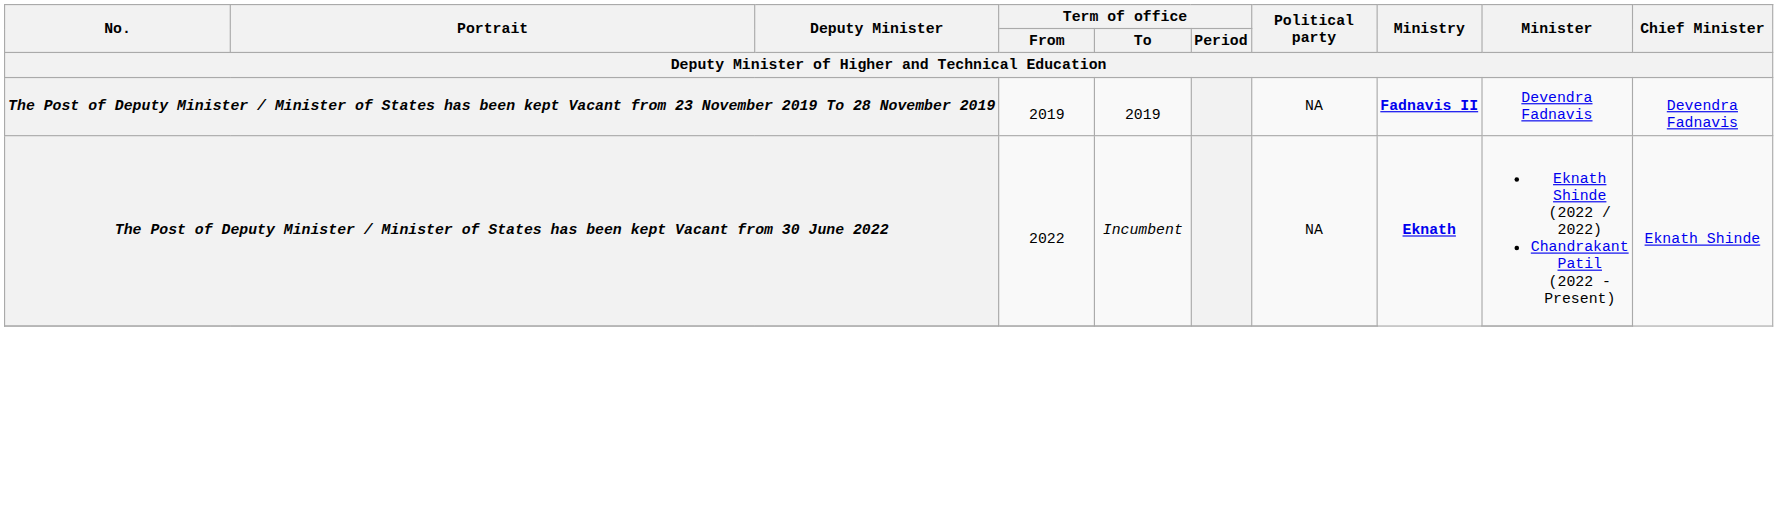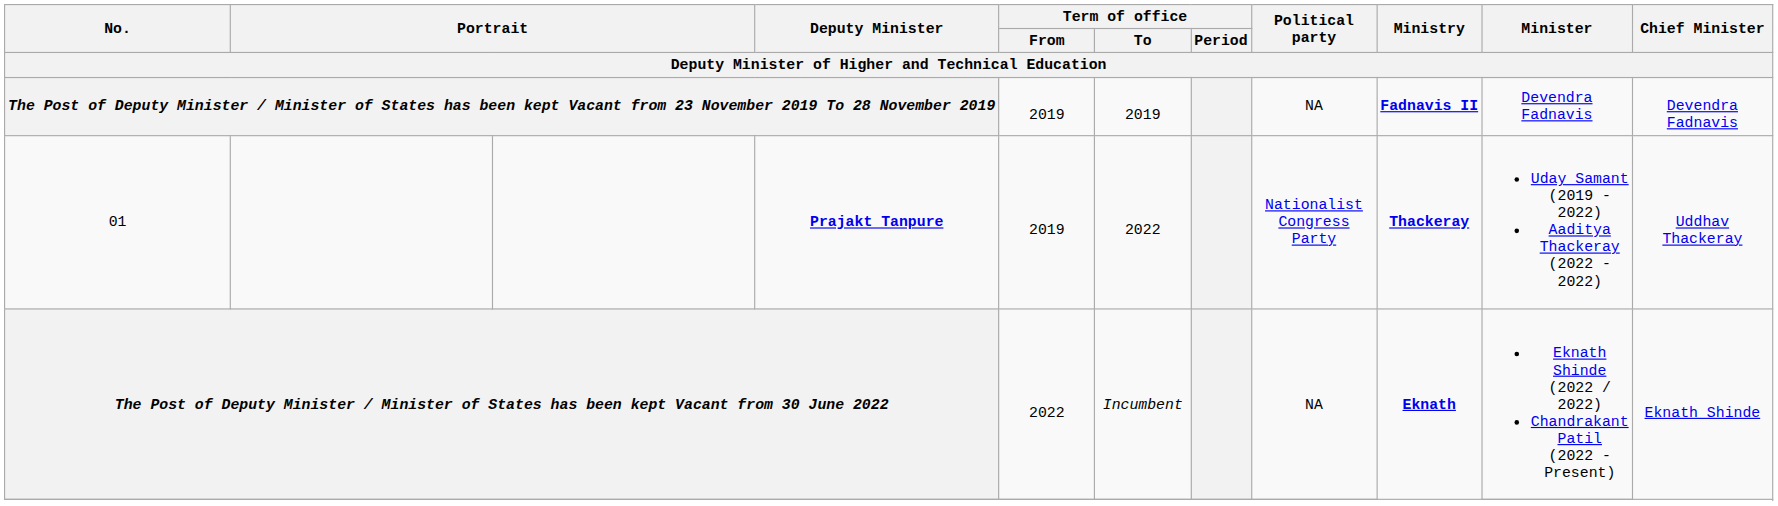 <table class="wikitable" style="text-align:center">
 <tr>
 <th rowspan="2">No.</th>
 <th rowspan="2" colspan="2">Portrait</th>
 <th rowspan="2" style="width:16em">Deputy Minister<br></th>
 <th colspan="3">Term of office</th>
 <th rowspan="2" style="width:8em">Political party</th>
 <th rowspan="2">Ministry</th>
 <th rowspan="2" style="width:9em">Minister</th>
 <th rowspan="2" style="width:9em">Chief Minister</th>
 </tr>
 <tr>
 <th style="width:6em">From</th>
 <th style="width:6em">To</th>
 <th>Period</th>
 </tr>
 <tr>
 <th colspan="11">Deputy Minister of Higher and Technical Education</th>
 </tr>
 <tr>
 <th colspan="04"><strong><em>The Post of Deputy Minister / Minister of States has been kept Vacant from 23 November 2019 To 28 November 2019</em></strong></th>
 <td><br>2019</td>
 <td><br>2019</td>
 <th></th>
 <td>NA</td>
 <td rowspan="1"><a href='#'><strong>Fadnavis II</strong></a></td>
 <td><a href='#'>Devendra Fadnavis</a></td>
 <td rowspan="1"> <br><a href='#'>Devendra Fadnavis</a></td>
 </tr>
 <tr>
+<td>01</td>
+<td style="color:inherit;background:"></td>
+<td></td>
+<td><strong><a href='#'>Prajakt Tanpure</a></strong> <br> </td>
+<td><br>2019</td>
+<td><br>2022</td>
+<th></th>
+<td><a href='#'>Nationalist Congress Party</a></td>
+<td rowspan="1"><a href='#'><strong>Thackeray</strong></a></td>
+<td><br><ul><li><a href='#'>Uday Samant</a><br> (2019 - 2022)</li><li><a href='#'>Aaditya Thackeray</a> <br>(2022 - 2022)</li></ul></td>
+<td rowspan="1"> <br><a href='#'>Uddhav Thackeray</a></td>
+</tr>
+<tr>
 <th colspan="04"><strong><em>The Post of Deputy Minister / Minister of States has been kept Vacant from 30 June 2022</em></strong></th>
 <td><br>2022</td>
 <td><em>Incumbent</em></td>
 <th></th>
 <td>NA</td>
 <td rowspan="2"><a href='#'><strong>Eknath</strong></a></td>
 <td><br><ul><li><a href='#'>Eknath Shinde</a><br> (2022 / 2022)</li><li><a href='#'>Chandrakant Patil</a><br> (2022 - Present)</li></ul></td>
 <td rowspan="2"> <br><a href='#'>Eknath Shinde</a></td>
 </tr>
 <tr>
 </tr>
 </table>
